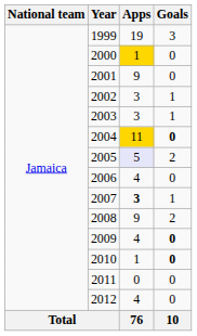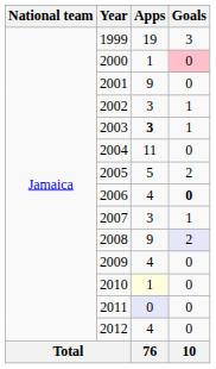 <table class=wikitable style="text-align: center">
 <tr>
 <th>National team</th>
 <th>Year</th>
 <th>Apps</th>
 <th>Goals</th>
 </tr>
 <tr>
 <td rowspan="14"><a href='#'>Jamaica</a></td>
 <td>1999</td>
 <td>19</td>
 <td>3</td>
 </tr>
 <tr>
 <td>2000</td>
-<td style="background: gold;">1</td>
-<td>0</td>
+<td>1</td>
+<td style="background: pink;">0</td>
 </tr>
 <tr>
 <td>2001</td>
 <td>9</td>
 <td>0</td>
 </tr>
 <tr>
 <td>2002</td>
 <td>3</td>
 <td>1</td>
 </tr>
 <tr>
 <td>2003</td>
-<td>3</td>
+<td><strong>3</strong></td>
 <td>1</td>
 </tr>
 <tr>
 <td>2004</td>
-<td style="background: gold;">11</td>
-<td><strong>0</strong></td>
+<td>11</td>
+<td>0</td>
 </tr>
 <tr>
 <td>2005</td>
-<td style="background: lavender;">5</td>
+<td>5</td>
 <td>2</td>
 </tr>
 <tr>
 <td>2006</td>
 <td>4</td>
-<td>0</td>
+<td><strong>0</strong></td>
 </tr>
 <tr>
 <td>2007</td>
-<td><strong>3</strong></td>
+<td>3</td>
 <td>1</td>
 </tr>
 <tr>
 <td>2008</td>
 <td>9</td>
-<td>2</td>
+<td style="background: lavender;">2</td>
 </tr>
 <tr>
 <td>2009</td>
 <td>4</td>
-<td><strong>0</strong></td>
+<td>0</td>
 </tr>
 <tr>
 <td>2010</td>
-<td>1</td>
-<td><strong>0</strong></td>
+<td style="background: lightyellow;">1</td>
+<td>0</td>
 </tr>
 <tr>
 <td>2011</td>
-<td>0</td>
+<td style="background: lavender;">0</td>
 <td>0</td>
 </tr>
 <tr>
 <td>2012</td>
 <td>4</td>
 <td>0</td>
 </tr>
 <tr>
 <th colspan=2>Total</th>
 <th>76</th>
 <th>10</th>
 </tr>
 </table>
